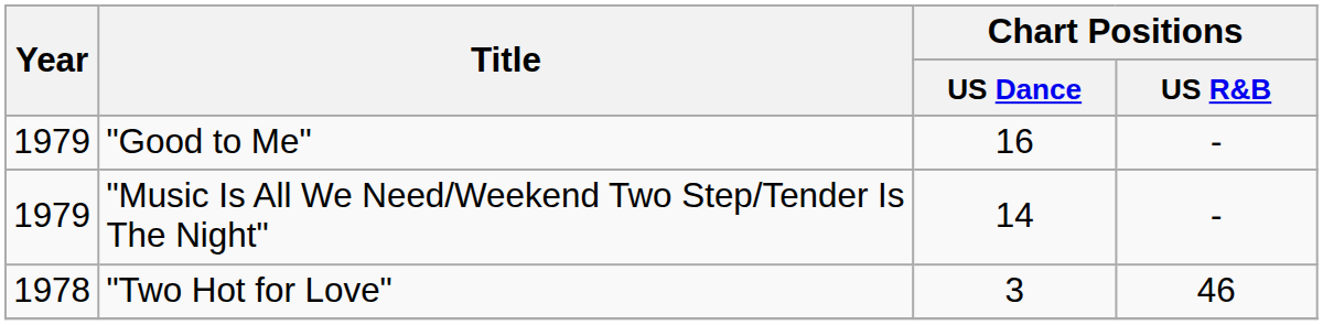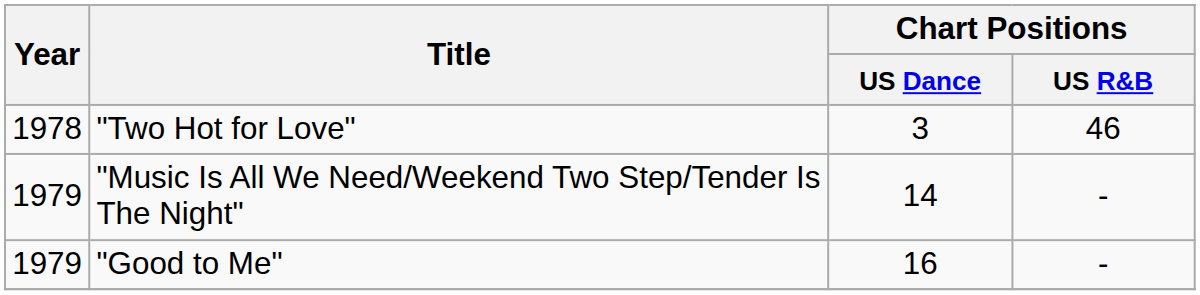 <table class="wikitable">
 <tr>
 <th rowspan="2">Year</th>
 <th rowspan="2">Title</th>
 <th colspan="2">Chart Positions</th>
 </tr>
 <tr>
 <th style="width:86px;"><small>US <a href='#'>Dance</a></small></th>
 <th style="width:86px;"><small>US <a href='#'>R&B</a></small></th>
 </tr>
 <tr>
-<td>1979</td>
-<td>"Good to Me"</td>
-<td style="text-align:center;">16</td>
-<td style="text-align:center;">-</td>
+<td>1978</td>
+<td>"Two Hot for Love"</td>
+<td style="text-align:center;">3</td>
+<td style="text-align:center;">46</td>
 </tr>
 <tr>
 <td>1979</td>
 <td>"Music Is All We Need/Weekend Two Step/Tender Is The Night"</td>
 <td style="text-align:center;">14</td>
 <td style="text-align:center;">-</td>
 </tr>
 <tr>
-<td>1978</td>
-<td>"Two Hot for Love"</td>
-<td style="text-align:center;">3</td>
-<td style="text-align:center;">46</td>
+<td>1979</td>
+<td>"Good to Me"</td>
+<td style="text-align:center;">16</td>
+<td style="text-align:center;">-</td>
 </tr>
 <tr>
 </tr>
 </table>
